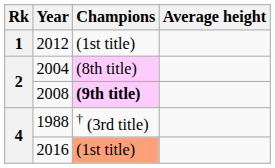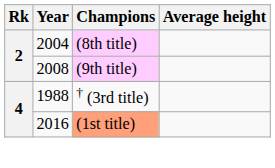 <table class="wikitable sticky-header" style="text-align: center; margin-left: 1em; margin-right: 1em; display: inline-table;">
 <tr>
 <th scope="col">Rk</th>
 <th scope="col">Year</th>
 <th scope="col">Champions</th>
 <th scope="col">Average height</th>
-</tr>
-<tr>
-<th scope="row">1</th>
-<td>2012</td>
-<td style="text-align: left;"> (1st title)</td>
-<td style="text-align: left;"><strong></strong></td>
 </tr>
 <tr>
 <th scope="rowgroup" rowspan="2">2</th>
 <td>2004</td>
 <td style="background-color: #ffccff; text-align: left;"> (8th title)</td>
 <td style="text-align: left;"><strong></strong></td>
 </tr>
 <tr>
 <td>2008</td>
-<td style="background-color: #ffccff; text-align: left;"><strong> (9th title)</strong></td>
+<td style="background-color: #ffccff; text-align: left;"> (9th title)</td>
 <td style="text-align: left;"><strong></strong></td>
 </tr>
 <tr>
 <th scope="rowgroup" rowspan="2">4</th>
 <td>1988</td>
 <td style="text-align: left;"><em></em><sup>†</sup> (3rd title)</td>
 <td style="text-align: left;"><strong></strong></td>
 </tr>
 <tr>
 <td>2016</td>
 <td style="background: lightsalmon; text-align: left;"> (1st title)</td>
 <td style="text-align: left;"><strong></strong></td>
 </tr>
 </table>
